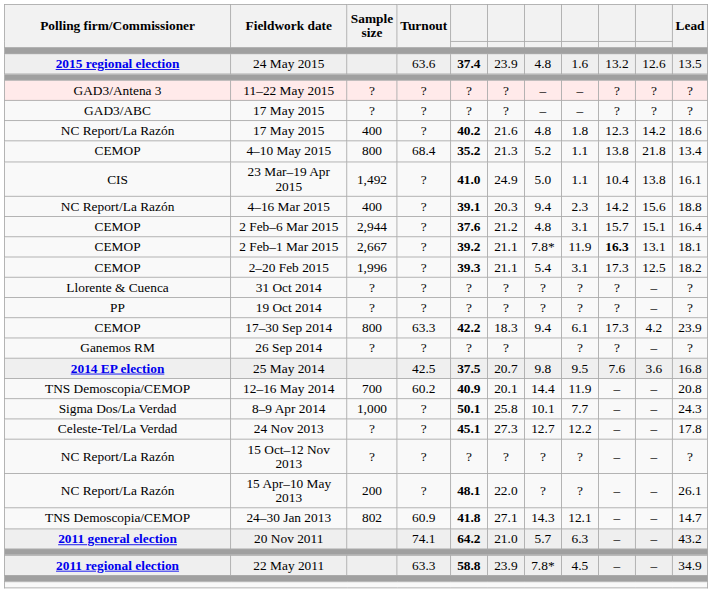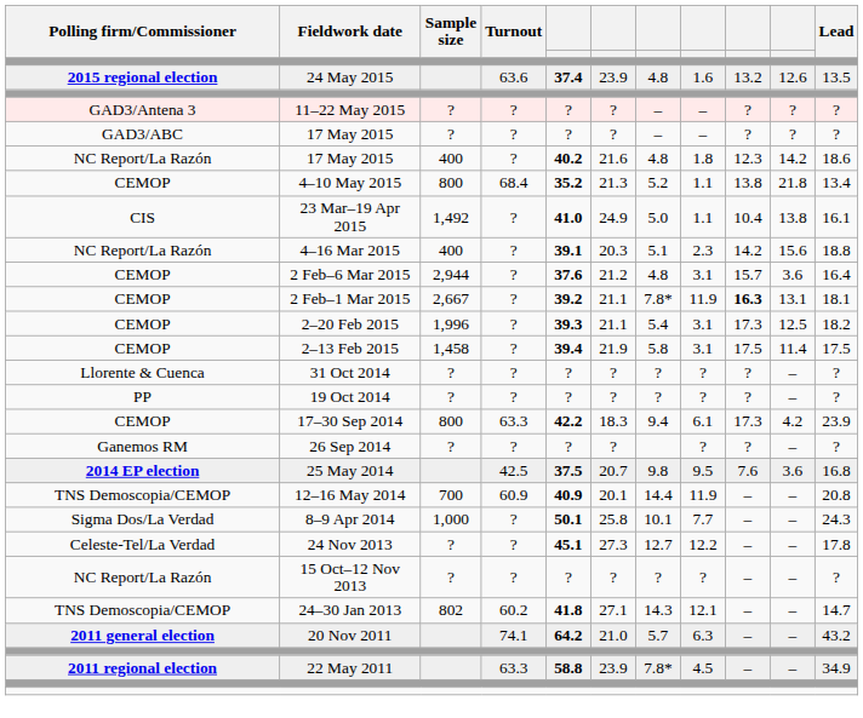 <table class="wikitable collapsible collapsed" style="text-align:center; font-size:95%; line-height:16px;">
 <tr style="height:42px;">
 <th style="width:250px;" rowspan="2">Polling firm/Commissioner</th>
 <th style="width:125px;" rowspan="2">Fieldwork date</th>
 <th style="width:50px;" rowspan="2">Sample size</th>
 <th style="width:45px;" rowspan="2">Turnout</th>
 <th style="width:35px;"></th>
 <th style="width:35px;"></th>
 <th style="width:35px;"></th>
 <th style="width:35px;"></th>
 <th style="width:35px;"></th>
 <th style="width:35px;"></th>
 <th style="width:30px;" rowspan="2">Lead</th>
 </tr>
 <tr>
 <th style="color:inherit;background:"></th>
 <th style="color:inherit;background:"></th>
 <th style="color:inherit;background:"></th>
 <th style="color:inherit;background:"></th>
 <th style="color:inherit;background:"></th>
 <th style="color:inherit;background:"></th>
 </tr>
 <tr>
 <td colspan="11" style="background:#A0A0A0"></td>
 </tr>
 <tr style="background:#EFEFEF;">
 <td><strong><a href='#'>2015 regional election</a></strong></td>
 <td>24 May 2015</td>
 <td></td>
 <td>63.6</td>
 <td><strong>37.4</strong><br></td>
 <td>23.9<br></td>
 <td>4.8<br></td>
 <td>1.6<br></td>
 <td>13.2<br></td>
 <td>12.6<br></td>
 <td style="background:">13.5</td>
 </tr>
 <tr>
 <td colspan="11" style="background:#A0A0A0"></td>
 </tr>
 <tr style="background:#FFEAEA;">
 <td>GAD3/Antena 3</td>
 <td>11–22 May 2015</td>
 <td>?</td>
 <td>?</td>
 <td>?<br></td>
 <td>?<br></td>
 <td>–</td>
 <td>–</td>
 <td>?<br></td>
 <td>?<br></td>
 <td style="background:">?</td>
 </tr>
 <tr>
 <td>GAD3/ABC</td>
 <td>17 May 2015</td>
 <td>?</td>
 <td>?</td>
 <td>?<br></td>
 <td>?<br></td>
 <td>–</td>
 <td>–</td>
 <td>?<br></td>
 <td>?<br></td>
 <td style="background:">?</td>
 </tr>
 <tr>
 <td>NC Report/La Razón</td>
 <td>17 May 2015</td>
 <td>400</td>
 <td>?</td>
 <td><strong>40.2</strong><br></td>
 <td>21.6<br></td>
 <td>4.8<br></td>
 <td>1.8<br></td>
 <td>12.3<br></td>
 <td>14.2<br></td>
 <td style="background:">18.6</td>
 </tr>
 <tr>
 <td>CEMOP</td>
 <td>4–10 May 2015</td>
 <td>800</td>
 <td>68.4</td>
 <td><strong>35.2</strong><br></td>
 <td>21.3<br></td>
 <td>5.2<br></td>
 <td>1.1<br></td>
 <td>13.8<br></td>
 <td>21.8<br></td>
 <td style="background:">13.4</td>
 </tr>
 <tr>
 <td>CIS</td>
 <td>23 Mar–19 Apr 2015</td>
 <td>1,492</td>
 <td>?</td>
 <td><strong>41.0</strong><br></td>
 <td>24.9<br></td>
 <td>5.0<br></td>
 <td>1.1<br></td>
 <td>10.4<br></td>
 <td>13.8<br></td>
 <td style="background:">16.1</td>
 </tr>
 <tr>
 <td>NC Report/La Razón</td>
 <td>4–16 Mar 2015</td>
 <td>400</td>
 <td>?</td>
 <td><strong>39.1</strong><br></td>
 <td>20.3<br></td>
-<td>9.4</td>
+<td>5.1<br></td>
 <td>2.3<br></td>
 <td>14.2<br></td>
 <td>15.6<br></td>
 <td style="background:">18.8</td>
 </tr>
 <tr>
 <td>CEMOP</td>
 <td>2 Feb–6 Mar 2015</td>
 <td>2,944</td>
 <td>?</td>
 <td><strong>37.6</strong><br></td>
 <td>21.2<br></td>
 <td>4.8<br></td>
 <td>3.1<br></td>
 <td>15.7<br></td>
-<td>15.1<br></td>
+<td>3.6<br></td>
 <td style="background:">16.4</td>
 </tr>
 <tr>
 <td>CEMOP</td>
 <td>2 Feb–1 Mar 2015</td>
 <td>2,667</td>
 <td>?</td>
 <td><strong>39.2</strong></td>
 <td>21.1</td>
 <td>7.8*<br></td>
 <td>11.9</td>
 <td><strong>16.3</strong></td>
 <td>13.1</td>
 <td style="background:">18.1</td>
 </tr>
 <tr>
 <td>CEMOP</td>
 <td>2–20 Feb 2015</td>
 <td>1,996</td>
 <td>?</td>
 <td><strong>39.3</strong></td>
 <td>21.1</td>
 <td>5.4</td>
 <td>3.1</td>
 <td>17.3</td>
 <td>12.5</td>
 <td style="background:">18.2</td>
+</tr>
+<tr>
+<td>CEMOP</td>
+<td>2–13 Feb 2015</td>
+<td>1,458</td>
+<td>?</td>
+<td><strong>39.4</strong><br></td>
+<td>21.9<br></td>
+<td>5.8<br></td>
+<td>3.1<br></td>
+<td>17.5<br></td>
+<td>11.4<br></td>
+<td style="background:">17.5</td>
 </tr>
 <tr>
 <td>Llorente & Cuenca</td>
 <td>31 Oct 2014</td>
 <td>?</td>
 <td>?</td>
 <td>?<br></td>
 <td>?<br></td>
 <td>?<br></td>
 <td>?<br></td>
 <td>?<br></td>
 <td>–</td>
 <td style="background:">?</td>
 </tr>
 <tr>
 <td>PP</td>
 <td>19 Oct 2014</td>
 <td>?</td>
 <td>?</td>
 <td>?<br></td>
 <td>?<br></td>
 <td>?<br></td>
 <td>?<br></td>
 <td>?<br></td>
 <td>–</td>
 <td style="background:">?</td>
 </tr>
 <tr>
 <td>CEMOP</td>
 <td>17–30 Sep 2014</td>
 <td>800</td>
 <td>63.3</td>
 <td><strong>42.2</strong></td>
 <td>18.3</td>
 <td>9.4</td>
 <td>6.1</td>
 <td>17.3</td>
 <td>4.2</td>
 <td style="background:">23.9</td>
 </tr>
 <tr>
 <td>Ganemos RM</td>
 <td>26 Sep 2014</td>
 <td>?</td>
 <td>?</td>
 <td>?<br></td>
 <td>?<br></td>
 <td></td>
 <td>?<br></td>
 <td>?<br></td>
 <td>–</td>
 <td style="background:">?</td>
 </tr>
 <tr style="background:#EFEFEF;">
 <td><strong><a href='#'>2014 EP election</a></strong></td>
 <td>25 May 2014</td>
 <td></td>
 <td>42.5</td>
 <td><strong>37.5</strong><br></td>
 <td>20.7<br></td>
 <td>9.8<br></td>
 <td>9.5<br></td>
 <td>7.6<br></td>
 <td>3.6<br></td>
 <td style="background:">16.8</td>
 </tr>
 <tr>
 <td>TNS Demoscopia/CEMOP</td>
 <td>12–16 May 2014</td>
 <td>700</td>
-<td>60.2</td>
+<td>60.9</td>
 <td><strong>40.9</strong></td>
 <td>20.1</td>
 <td>14.4</td>
 <td>11.9</td>
 <td>–</td>
 <td>–</td>
 <td style="background:">20.8</td>
 </tr>
 <tr>
 <td>Sigma Dos/La Verdad</td>
 <td>8–9 Apr 2014</td>
 <td>1,000</td>
 <td>?</td>
 <td><strong>50.1</strong><br></td>
 <td>25.8<br></td>
 <td>10.1<br></td>
 <td>7.7<br></td>
 <td>–</td>
 <td>–</td>
 <td style="background:">24.3</td>
 </tr>
 <tr>
 <td>Celeste-Tel/La Verdad</td>
 <td>24 Nov 2013</td>
 <td>?</td>
 <td>?</td>
 <td><strong>45.1</strong><br></td>
 <td>27.3<br></td>
 <td>12.7<br></td>
 <td>12.2<br></td>
 <td>–</td>
 <td>–</td>
 <td style="background:">17.8</td>
 </tr>
 <tr>
 <td>NC Report/La Razón</td>
 <td>15 Oct–12 Nov 2013</td>
 <td>?</td>
 <td>?</td>
 <td>?<br></td>
 <td>?<br></td>
 <td>?<br></td>
 <td>?<br></td>
 <td>–</td>
 <td>–</td>
 <td style="background:">?</td>
 </tr>
 <tr>
-<td>NC Report/La Razón</td>
-<td>15 Apr–10 May 2013</td>
-<td>200</td>
-<td>?</td>
-<td><strong>48.1</strong><br></td>
-<td>22.0<br></td>
-<td>?<br></td>
-<td>?<br></td>
-<td>–</td>
-<td>–</td>
-<td style="background:">26.1</td>
-</tr>
-<tr>
 <td>TNS Demoscopia/CEMOP</td>
 <td>24–30 Jan 2013</td>
 <td>802</td>
-<td>60.9</td>
+<td>60.2</td>
 <td><strong>41.8</strong></td>
 <td>27.1</td>
 <td>14.3</td>
 <td>12.1</td>
 <td>–</td>
 <td>–</td>
 <td style="background:">14.7</td>
 </tr>
 <tr style="background:#EFEFEF;">
 <td><strong><a href='#'>2011 general election</a></strong></td>
 <td>20 Nov 2011</td>
 <td></td>
 <td>74.1</td>
 <td><strong>64.2</strong></td>
 <td>21.0</td>
 <td>5.7</td>
 <td>6.3</td>
 <td>–</td>
 <td>–</td>
 <td style="background:">43.2</td>
 </tr>
 <tr>
 <td colspan="11" style="background:#A0A0A0"></td>
 </tr>
 <tr style="background:#EFEFEF;">
 <td><strong><a href='#'>2011 regional election</a></strong></td>
 <td>22 May 2011</td>
 <td></td>
 <td>63.3</td>
 <td><strong>58.8</strong><br></td>
 <td>23.9<br></td>
 <td>7.8*<br></td>
 <td>4.5<br></td>
 <td>–</td>
 <td>–</td>
 <td style="background:">34.9</td>
 </tr>
 <tr>
 <td colspan="11" style="background:#A0A0A0"></td>
 </tr>
 <tr>
 <td align="left" colspan="11"></td>
 </tr>
 </table>
